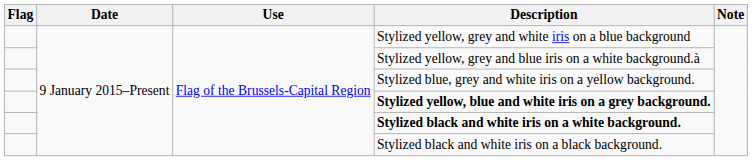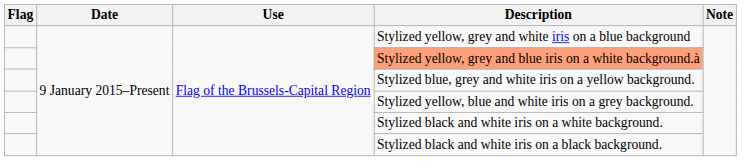 <table class="wikitable">
 <tr>
 <th>Flag</th>
 <th>Date</th>
 <th>Use</th>
 <th>Description</th>
 <th>Note</th>
 </tr>
 <tr>
 <td></td>
 <td rowspan="6">9 January 2015–Present</td>
 <td rowspan="6"><a href='#'>Flag of the Brussels-Capital Region</a></td>
 <td>Stylized yellow, grey and white <a href='#'>iris</a> on a blue background</td>
 <td rowspan="6"></td>
 </tr>
 <tr>
 <td></td>
-<td>Stylized yellow, grey and blue iris on a white background.à</td>
+<td style="background: lightsalmon;">Stylized yellow, grey and blue iris on a white background.à</td>
 </tr>
 <tr>
 <td></td>
 <td>Stylized blue, grey and white iris on a yellow background.</td>
 </tr>
 <tr>
 <td></td>
-<td><strong>Stylized yellow, blue and white iris on a grey background.</strong></td>
+<td>Stylized yellow, blue and white iris on a grey background.</td>
 </tr>
 <tr>
 <td></td>
-<td><strong>Stylized black and white iris on a white background.</strong></td>
+<td>Stylized black and white iris on a white background.</td>
 </tr>
 <tr>
 <td></td>
 <td>Stylized black and white iris on a black background.</td>
 </tr>
 </table>
